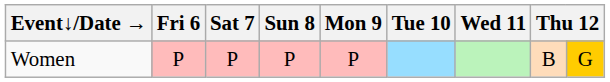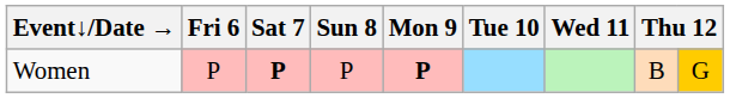 <table class="wikitable" style="margin:0.5em auto; font-size:90%; line-height:1.25em;">
 <tr style="text-align:center;">
 <th>Event↓/Date →</th>
 <th>Fri 6</th>
 <th>Sat 7</th>
 <th>Sun 8</th>
 <th>Mon 9</th>
 <th>Tue 10</th>
 <th>Wed 11</th>
 <th colspan=2>Thu 12</th>
 </tr>
 <tr style="text-align:center;">
 <td style="text-align:left;">Women</td>
 <td style="background-color:#FFBBBB;">P</td>
+<td style="background-color:#FFBBBB;"><strong>P</strong></td>
 <td style="background-color:#FFBBBB;">P</td>
-<td style="background-color:#FFBBBB;">P</td>
-<td style="background-color:#FFBBBB;">P</td>
+<td style="background-color:#FFBBBB;"><strong>P</strong></td>
 <td style="background-color:#97DEFF;"></td>
 <td style="background-color:#BBF3BB;"></td>
 <td style="background-color:#FEDCBA;">B</td>
 <td style="background-color:#fc0;">G</td>
 </tr>
 </table>
